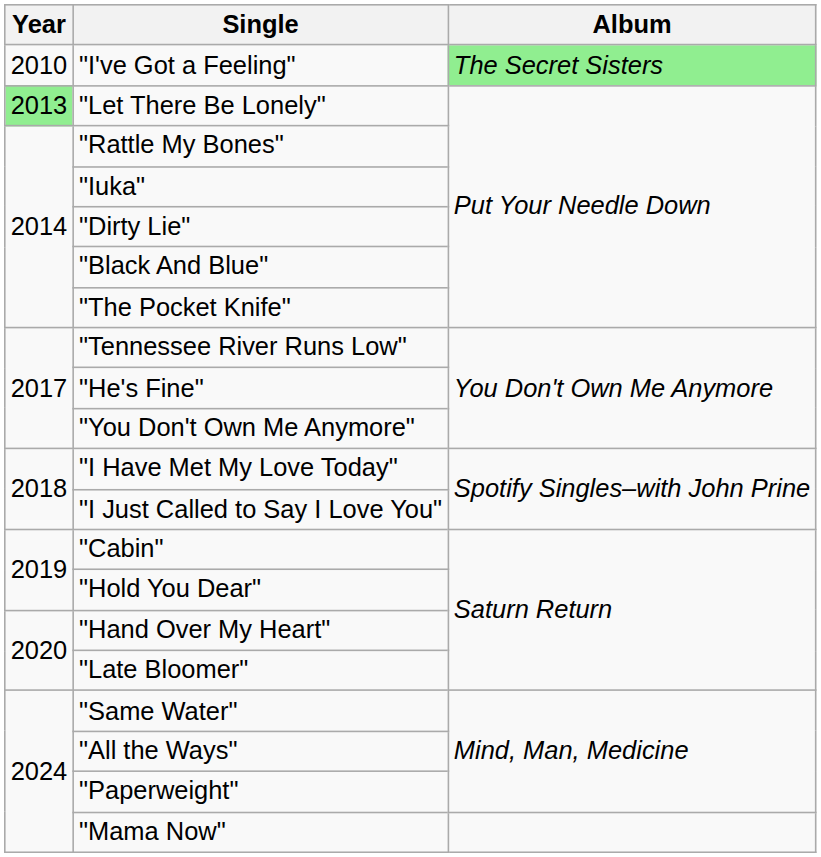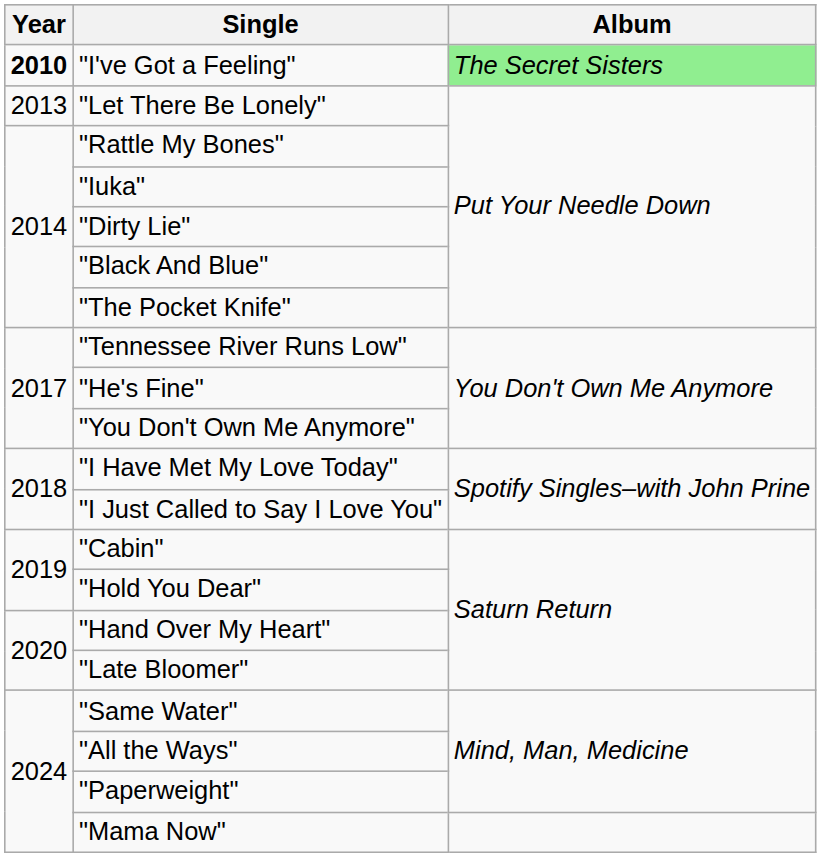 <table class="wikitable plainrowheaders">
 <tr>
 <th>Year</th>
 <th>Single</th>
 <th>Album</th>
 </tr>
 <tr>
-<td>2010</td>
+<td><strong>2010</strong></td>
 <td>"I've Got a Feeling"</td>
 <td style="background: lightgreen;"><em>The Secret Sisters</em></td>
 </tr>
 <tr>
-<td style="background: lightgreen;">2013</td>
+<td>2013</td>
 <td>"Let There Be Lonely"</td>
 <td rowspan="6"><em>Put Your Needle Down</em></td>
 </tr>
 <tr>
 <td rowspan="5">2014</td>
 <td>"Rattle My Bones"</td>
 </tr>
 <tr>
 <td>"Iuka"</td>
 </tr>
 <tr>
 <td>"Dirty Lie"</td>
 </tr>
 <tr>
 <td>"Black And Blue"</td>
 </tr>
 <tr>
 <td>"The Pocket Knife"</td>
 </tr>
 <tr>
 <td rowspan="3">2017</td>
 <td>"Tennessee River Runs Low"</td>
 <td rowspan="3"><em>You Don't Own Me Anymore</em></td>
 </tr>
 <tr>
 <td>"He's Fine"</td>
 </tr>
 <tr>
 <td>"You Don't Own Me Anymore"</td>
 </tr>
 <tr>
 <td rowspan="2">2018</td>
 <td>"I Have Met My Love Today"</td>
 <td rowspan="2"><em>Spotify Singles–with John Prine</em></td>
 </tr>
 <tr>
 <td>"I Just Called to Say I Love You"</td>
 </tr>
 <tr>
 <td rowspan="2">2019</td>
 <td>"Cabin"</td>
 <td rowspan="4"><em>Saturn Return</em></td>
 </tr>
 <tr>
 <td>"Hold You Dear"</td>
 </tr>
 <tr>
 <td rowspan="2">2020</td>
 <td>"Hand Over My Heart"</td>
 </tr>
 <tr>
 <td>"Late Bloomer"</td>
 </tr>
 <tr>
 <td rowspan="4">2024</td>
 <td>"Same Water"</td>
 <td rowspan="3"><em>Mind, Man, Medicine</em></td>
 </tr>
 <tr>
 <td>"All the Ways"</td>
 </tr>
 <tr>
 <td>"Paperweight"</td>
 </tr>
 <tr>
 <td>"Mama Now"</td>
 <td></td>
 </tr>
 </table>
